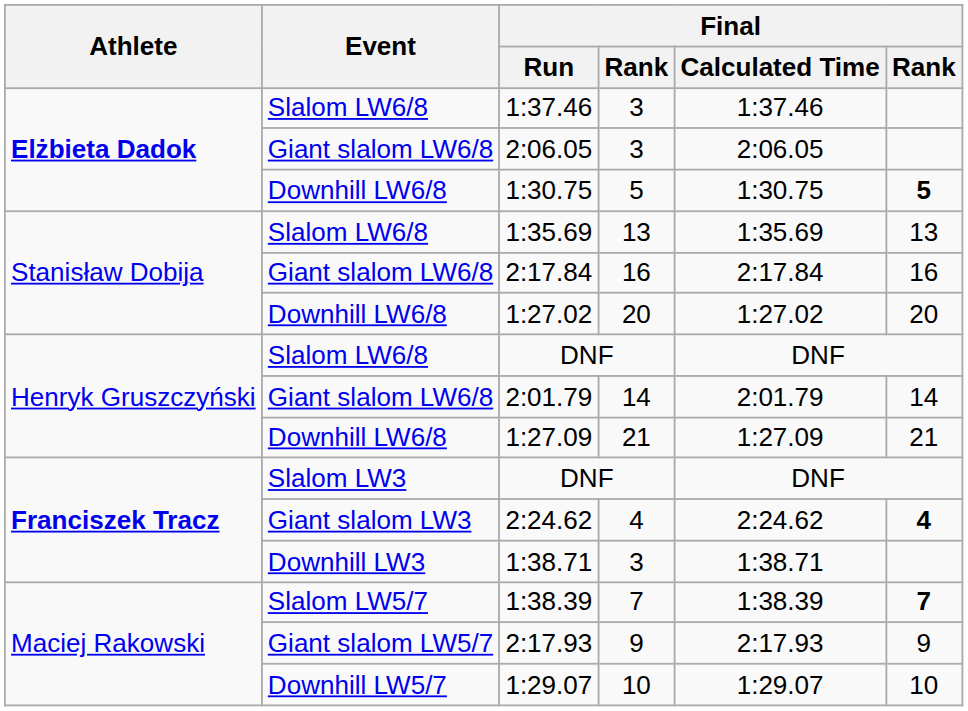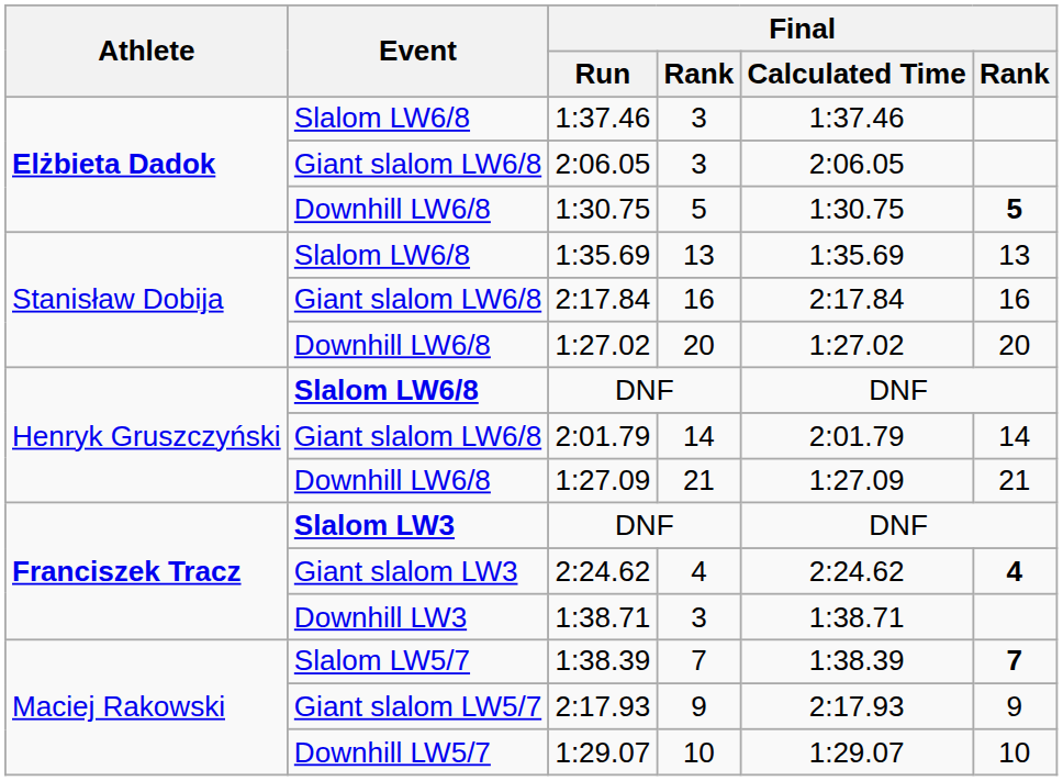 <table class="wikitable" style="font-size:90%">
 <tr>
 <th rowspan="2">Athlete</th>
 <th rowspan="2">Event</th>
 <th colspan="4">Final</th>
 </tr>
 <tr>
 <th>Run</th>
 <th>Rank</th>
 <th>Calculated Time</th>
 <th>Rank</th>
 </tr>
 <tr>
 <td rowspan=3><strong><a href='#'>Elżbieta Dadok</a></strong></td>
 <td><a href='#'>Slalom LW6/8</a></td>
 <td align="center">1:37.46</td>
 <td align="center">3</td>
 <td align="center">1:37.46</td>
 <td align="center"></td>
 </tr>
 <tr>
 <td><a href='#'>Giant slalom LW6/8</a></td>
 <td align="center">2:06.05</td>
 <td align="center">3</td>
 <td align="center">2:06.05</td>
 <td align="center"></td>
 </tr>
 <tr>
 <td><a href='#'>Downhill LW6/8</a></td>
 <td align="center">1:30.75</td>
 <td align="center">5</td>
 <td align="center">1:30.75</td>
 <td align="center"><strong>5</strong></td>
 </tr>
 <tr>
 <td rowspan=3><a href='#'>Stanisław Dobija</a></td>
 <td><a href='#'>Slalom LW6/8</a></td>
 <td align="center">1:35.69</td>
 <td align="center">13</td>
 <td align="center">1:35.69</td>
 <td align="center">13</td>
 </tr>
 <tr>
 <td><a href='#'>Giant slalom LW6/8</a></td>
 <td align="center">2:17.84</td>
 <td align="center">16</td>
 <td align="center">2:17.84</td>
 <td align="center">16</td>
 </tr>
 <tr>
 <td><a href='#'>Downhill LW6/8</a></td>
 <td align="center">1:27.02</td>
 <td align="center">20</td>
 <td align="center">1:27.02</td>
 <td align="center">20</td>
 </tr>
 <tr>
 <td rowspan=3><a href='#'>Henryk Gruszczyński</a></td>
-<td><a href='#'>Slalom LW6/8</a></td>
+<td><strong><a href='#'>Slalom LW6/8</a></strong></td>
 <td align="center" colspan=2>DNF</td>
 <td align="center" colspan=2>DNF</td>
 </tr>
 <tr>
 <td><a href='#'>Giant slalom LW6/8</a></td>
 <td align="center">2:01.79</td>
 <td align="center">14</td>
 <td align="center">2:01.79</td>
 <td align="center">14</td>
 </tr>
 <tr>
 <td><a href='#'>Downhill LW6/8</a></td>
 <td align="center">1:27.09</td>
 <td align="center">21</td>
 <td align="center">1:27.09</td>
 <td align="center">21</td>
 </tr>
 <tr>
 <td rowspan=3><strong><a href='#'>Franciszek Tracz</a></strong></td>
-<td><a href='#'>Slalom LW3</a></td>
+<td><strong><a href='#'>Slalom LW3</a></strong></td>
 <td align="center" colspan=2>DNF</td>
 <td align="center" colspan=2>DNF</td>
 </tr>
 <tr>
 <td><a href='#'>Giant slalom LW3</a></td>
 <td align="center">2:24.62</td>
 <td align="center">4</td>
 <td align="center">2:24.62</td>
 <td align="center"><strong>4</strong></td>
 </tr>
 <tr>
 <td><a href='#'>Downhill LW3</a></td>
 <td align="center">1:38.71</td>
 <td align="center">3</td>
 <td align="center">1:38.71</td>
 <td align="center"></td>
 </tr>
 <tr>
 <td rowspan=3><a href='#'>Maciej Rakowski</a></td>
 <td><a href='#'>Slalom LW5/7</a></td>
 <td align="center">1:38.39</td>
 <td align="center">7</td>
 <td align="center">1:38.39</td>
 <td align="center"><strong>7</strong></td>
 </tr>
 <tr>
 <td><a href='#'>Giant slalom LW5/7</a></td>
 <td align="center">2:17.93</td>
 <td align="center">9</td>
 <td align="center">2:17.93</td>
 <td align="center">9</td>
 </tr>
 <tr>
 <td><a href='#'>Downhill LW5/7</a></td>
 <td align="center">1:29.07</td>
 <td align="center">10</td>
 <td align="center">1:29.07</td>
 <td align="center">10</td>
 </tr>
 </table>
